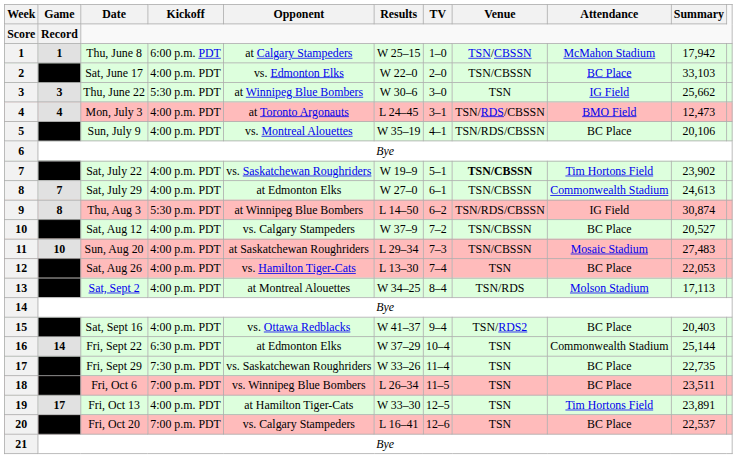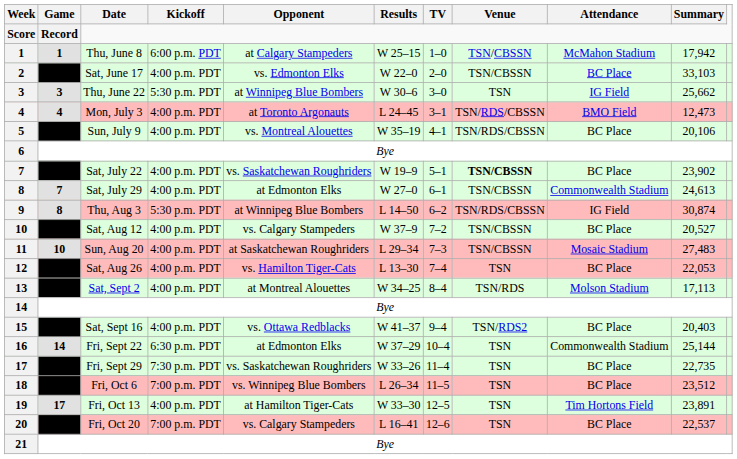 <table class="wikitable" style="font-size: 95%;">
 <tr>
 <th scope="col">Week</th>
 <th scope="col">Game</th>
 <th scope="col">Date</th>
 <th scope="col">Kickoff</th>
 <th scope="col">Opponent</th>
 <th scope="col">Results</th>
 <th scope="col">TV</th>
 <th scope="col">Venue</th>
 <th scope="col">Attendance</th>
 <th scope="col">Summary</th>
 </tr>
 <tr>
 <th scope="col">Score</th>
 <th scope="col">Record</th>
 </tr>
 <tr align="center" bgcolor="ddffdd">
 <th align="center"><strong>1</strong></th>
 <th style="text-align:center; background:#E1E1E1;"><span><strong>1</strong></span></th>
 <td align="center">Thu, June 8</td>
 <td align="center">6:00 p.m. <a href='#'>PDT</a></td>
 <td align="center">at <a href='#'>Calgary Stampeders</a></td>
 <td align="center">W 25–15</td>
 <td align="center">1–0</td>
 <td align="center"><a href='#'>TSN</a>/<a href='#'>CBSSN</a></td>
 <td align="center"><a href='#'>McMahon Stadium</a></td>
 <td align="center">17,942</td>
 <td align="center"></td>
 </tr>
 <tr align="center" bgcolor="ddffdd">
 <th align="center"><strong>2</strong></th>
 <th style="text-align:center; background:black;"><span><strong>2</strong></span></th>
 <td align="center">Sat, June 17</td>
 <td align="center">4:00 p.m. PDT</td>
 <td align="center">vs. <a href='#'>Edmonton Elks</a></td>
 <td align="center">W 22–0</td>
 <td align="center">2–0</td>
 <td align="center">TSN/CBSSN</td>
 <td align="center"><a href='#'>BC Place</a></td>
 <td align="center">33,103</td>
 <td align="center"></td>
 </tr>
 <tr align="center" bgcolor="ddffdd">
 <th align="center"><strong>3</strong></th>
 <th style="text-align:center; background:#E1E1E1;"><span><strong>3</strong></span></th>
 <td align="center">Thu, June 22</td>
 <td align="center">5:30 p.m. PDT</td>
 <td align="center">at <a href='#'>Winnipeg Blue Bombers</a></td>
 <td align="center">W 30–6</td>
 <td align="center">3–0</td>
 <td align="center">TSN</td>
 <td align="center"><a href='#'>IG Field</a></td>
 <td align="center">25,662</td>
 <td align="center"></td>
 </tr>
 <tr align="center" bgcolor="ffbbbb">
 <th align="center"><strong>4</strong></th>
 <th style="text-align:center; background:#E1E1E1;"><span><strong>4</strong></span></th>
 <td align="center">Mon, July 3</td>
 <td align="center">4:00 p.m. PDT</td>
 <td align="center">at <a href='#'>Toronto Argonauts</a></td>
 <td align="center">L 24–45</td>
 <td align="center">3–1</td>
 <td align="center">TSN/<a href='#'>RDS</a>/CBSSN</td>
 <td align="center"><a href='#'>BMO Field</a></td>
 <td align="center">12,473</td>
 <td align="center"></td>
 </tr>
 <tr align="center" bgcolor="ddffdd">
 <th align="center"><strong>5</strong></th>
 <th style="text-align:center; background:black;"><span><strong>5</strong></span></th>
 <td align="center">Sun, July 9</td>
 <td align="center">4:00 p.m. PDT</td>
 <td align="center">vs. <a href='#'>Montreal Alouettes</a></td>
 <td align="center">W 35–19</td>
 <td align="center">4–1</td>
 <td align="center">TSN/RDS/CBSSN</td>
 <td align="center">BC Place</td>
 <td align="center">20,106</td>
 <td align="center"></td>
 </tr>
 <tr align="center" bgcolor="ffffff">
 <th align="center"><strong>6</strong></th>
 <td colspan=10 align="center" valign="middle"><em>Bye</em></td>
 </tr>
 <tr align="center" bgcolor="ddffdd">
 <th align="center"><strong>7</strong></th>
 <th style="text-align:center; background:black;"><span><strong>6</strong></span></th>
 <td align="center">Sat, July 22</td>
 <td align="center">4:00 p.m. PDT</td>
 <td align="center">vs. <a href='#'>Saskatchewan Roughriders</a></td>
 <td align="center">W 19–9</td>
 <td align="center">5–1</td>
 <td align="center"><strong>TSN/CBSSN</strong></td>
-<td align="center"><a href='#'>Tim Hortons Field</a></td>
+<td align="center">BC Place</td>
 <td align="center">23,902</td>
 <td align="center"></td>
 </tr>
 <tr align="center" bgcolor="ddffdd">
 <th align="center"><strong>8</strong></th>
 <th style="text-align:center; background:#E1E1E1;"><span><strong>7</strong></span></th>
 <td align="center">Sat, July 29</td>
 <td align="center">4:00 p.m. PDT</td>
 <td align="center">at Edmonton Elks</td>
 <td align="center">W 27–0</td>
 <td align="center">6–1</td>
 <td align="center">TSN/CBSSN</td>
 <td align="center"><a href='#'>Commonwealth Stadium</a></td>
 <td align="center">24,613</td>
 <td align="center"></td>
 </tr>
 <tr align="center" bgcolor="ffbbbb">
 <th align="center"><strong>9</strong></th>
 <th style="text-align:center; background:#E1E1E1;"><span><strong>8</strong></span></th>
 <td align="center">Thu, Aug 3</td>
 <td align="center">5:30 p.m. PDT</td>
 <td align="center">at Winnipeg Blue Bombers</td>
 <td align="center">L 14–50</td>
 <td align="center">6–2</td>
 <td align="center">TSN/RDS/CBSSN</td>
 <td align="center">IG Field</td>
 <td align="center">30,874</td>
 <td align="center"></td>
 </tr>
 <tr align="center" bgcolor="ddffdd">
 <th align="center"><strong>10</strong></th>
 <th style="text-align:center; background:black;"><span><strong>9</strong></span></th>
 <td align="center">Sat, Aug 12</td>
 <td align="center">4:00 p.m. PDT</td>
 <td align="center">vs. Calgary Stampeders</td>
 <td align="center">W 37–9</td>
 <td align="center">7–2</td>
 <td align="center">TSN/CBSSN</td>
 <td align="center">BC Place</td>
 <td align="center">20,527</td>
 <td align="center"></td>
 </tr>
 <tr align="center" bgcolor="ffbbbb">
 <th align="center"><strong>11</strong></th>
 <th style="text-align:center; background:#E1E1E1;"><span><strong>10</strong></span></th>
 <td align="center">Sun, Aug 20</td>
 <td align="center">4:00 p.m. PDT</td>
 <td align="center">at Saskatchewan Roughriders</td>
 <td align="center">L 29–34</td>
 <td align="center">7–3</td>
 <td align="center">TSN/CBSSN</td>
 <td align="center"><a href='#'>Mosaic Stadium</a></td>
 <td align="center">27,483</td>
 <td align="center"></td>
 </tr>
 <tr align="center" bgcolor="ffbbbb">
 <th align="center"><strong>12</strong></th>
 <th style="text-align:center; background:black;"><span><strong>11</strong></span></th>
 <td align="center">Sat, Aug 26</td>
 <td align="center">4:00 p.m. PDT</td>
 <td align="center">vs. <a href='#'>Hamilton Tiger-Cats</a></td>
 <td align="center">L 13–30</td>
 <td align="center">7–4</td>
 <td align="center">TSN</td>
 <td align="center">BC Place</td>
 <td align="center">22,053</td>
 <td align="center"></td>
 </tr>
 <tr align="center" bgcolor="ddffdd">
 <th align="center"><strong>13</strong></th>
 <th style="text-align:center; background:black;"><span><strong>12</strong></span></th>
 <td align="center"><a href='#'>Sat, Sept 2</a></td>
 <td align="center">4:00 p.m. PDT</td>
 <td align="center">at Montreal Alouettes</td>
 <td align="center">W 34–25</td>
 <td align="center">8–4</td>
 <td align="center">TSN/RDS</td>
 <td align="center"><a href='#'>Molson Stadium</a></td>
 <td align="center">17,113</td>
 <td align="center"></td>
 </tr>
 <tr align="center" bgcolor="ffffff">
 <th align="center"><strong>14</strong></th>
 <td colspan=10 align="center" valign="middle"><em>Bye</em></td>
 </tr>
 <tr align="center" bgcolor="ddffdd">
 <th align="center"><strong>15</strong></th>
 <th style="text-align:center; background:black;"><span><strong>13</strong></span></th>
 <td align="center">Sat, Sept 16</td>
 <td align="center">4:00 p.m. PDT</td>
 <td align="center">vs. <a href='#'>Ottawa Redblacks</a></td>
 <td align="center">W 41–37</td>
 <td align="center">9–4</td>
 <td align="center">TSN/<a href='#'>RDS2</a></td>
 <td align="center">BC Place</td>
 <td align="center">20,403</td>
 <td align="center"></td>
 </tr>
 <tr align="center" bgcolor="ddffdd">
 <th align="center"><strong>16</strong></th>
 <th style="text-align:center; background:#E1E1E1;"><span><strong>14</strong></span></th>
 <td align="center">Fri, Sept 22</td>
 <td align="center">6:30 p.m. PDT</td>
 <td align="center">at Edmonton Elks</td>
 <td align="center">W 37–29</td>
 <td align="center">10–4</td>
 <td align="center">TSN</td>
 <td align="center">Commonwealth Stadium</td>
 <td align="center">25,144</td>
 <td align="center"></td>
 </tr>
 <tr align="center" bgcolor="ddffdd">
 <th align="center"><strong>17</strong></th>
 <th style="text-align:center; background:black;"><span><strong>15</strong></span></th>
 <td align="center">Fri, Sept 29</td>
 <td align="center">7:30 p.m. PDT</td>
 <td align="center">vs. Saskatchewan Roughriders</td>
 <td align="center">W 33–26</td>
 <td align="center">11–4</td>
 <td align="center">TSN</td>
 <td align="center">BC Place</td>
 <td align="center">22,735</td>
 <td align="center"></td>
 </tr>
 <tr align="center" bgcolor="ffbbbb">
 <th align="center"><strong>18</strong></th>
 <th style="text-align:center; background:black;"><span><strong>16</strong></span></th>
 <td align="center">Fri, Oct 6</td>
 <td align="center">7:00 p.m. PDT</td>
 <td align="center">vs. Winnipeg Blue Bombers</td>
 <td align="center">L 26–34 </td>
 <td align="center">11–5</td>
 <td align="center">TSN</td>
 <td align="center">BC Place</td>
-<td align="center">23,511</td>
+<td align="center">23,512</td>
 <td align="center"></td>
 </tr>
 <tr align="center" bgcolor="ddffdd">
 <th align="center"><strong>19</strong></th>
 <th style="text-align:center; background:#E1E1E1;"><span><strong>17</strong></span></th>
 <td align="center">Fri, Oct 13</td>
 <td align="center">4:00 p.m. PDT</td>
 <td align="center">at Hamilton Tiger-Cats</td>
 <td align="center">W 33–30</td>
 <td align="center">12–5</td>
 <td align="center">TSN</td>
 <td align="center"><a href='#'>Tim Hortons Field</a></td>
 <td align="center">23,891</td>
 <td align="center"></td>
 </tr>
 <tr align="center" bgcolor="ffbbbb">
 <th align="center"><strong>20</strong></th>
 <th style="text-align:center; background:black;"><span><strong>18</strong></span></th>
 <td align="center">Fri, Oct 20</td>
 <td align="center">7:00 p.m. PDT</td>
 <td align="center">vs. Calgary Stampeders</td>
 <td align="center">L 16–41</td>
 <td align="center">12–6</td>
 <td align="center">TSN</td>
 <td align="center">BC Place</td>
 <td align="center">22,537</td>
 <td align="center"></td>
 </tr>
 <tr align="center" bgcolor="ffffff">
 <th align="center"><strong>21</strong></th>
 <td colspan=10 align="center" valign="middle"><em>Bye</em></td>
 </tr>
 </table>
